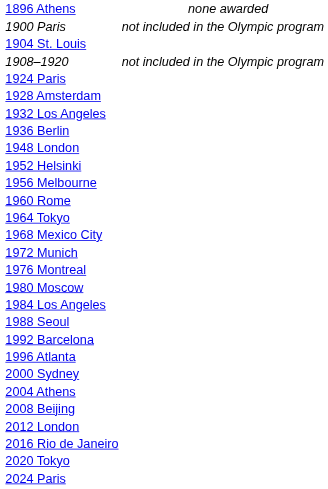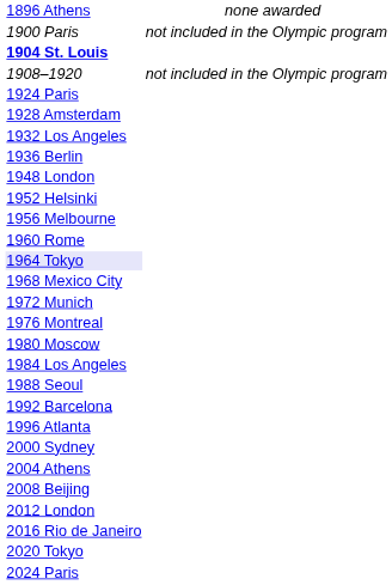 <table>
 <tr>
 <td><a href='#'>1896 Athens</a><br></td>
 <td></td>
 <td></td>
 <td align="center"><em>none awarded</em></td>
 </tr>
 <tr>
 <td><em>1900 Paris</em></td>
 <td colspan=3 align=center><em>not included in the Olympic program</em></td>
 </tr>
 <tr>
-<td><a href='#'>1904 St. Louis</a><br></td>
+<td><strong><a href='#'>1904 St. Louis</a><br></strong></td>
 <td></td>
 <td></td>
 <td></td>
 </tr>
 <tr>
 <td><em>1908–1920</em></td>
 <td colspan=3 align=center><em>not included in the Olympic program</em></td>
 </tr>
 <tr>
 <td><a href='#'>1924 Paris</a><br></td>
 <td></td>
 <td></td>
 <td></td>
 </tr>
 <tr>
 <td><a href='#'>1928 Amsterdam</a><br></td>
 <td></td>
 <td></td>
 <td></td>
 </tr>
 <tr>
 <td><a href='#'>1932 Los Angeles</a><br></td>
 <td></td>
 <td></td>
 <td></td>
 </tr>
 <tr>
 <td><a href='#'>1936 Berlin</a><br></td>
 <td></td>
 <td></td>
 <td></td>
 </tr>
 <tr valign="top">
 <td rowspan="2"><a href='#'>1948 London</a><br></td>
 <td rowspan="2"></td>
 <td rowspan="2"></td>
 <td></td>
 </tr>
 <tr>
 <td></td>
 </tr>
 <tr>
 <td><a href='#'>1952 Helsinki</a><br></td>
 <td></td>
 <td></td>
 <td></td>
 </tr>
 <tr valign="top">
 <td rowspan="2"><a href='#'>1956 Melbourne</a><br></td>
 <td rowspan="2"></td>
 <td rowspan="2"></td>
 <td></td>
 </tr>
 <tr>
 <td></td>
 </tr>
 <tr>
 <td><a href='#'>1960 Rome</a><br></td>
 <td></td>
 <td></td>
 <td></td>
 </tr>
 <tr>
-<td><a href='#'>1964 Tokyo</a><br></td>
+<td style="background: lavender;"><a href='#'>1964 Tokyo</a><br></td>
 <td></td>
 <td></td>
 <td></td>
 </tr>
 <tr>
 <td><a href='#'>1968 Mexico City</a><br></td>
 <td></td>
 <td></td>
 <td></td>
 </tr>
 <tr>
 <td><a href='#'>1972 Munich</a><br></td>
 <td></td>
 <td></td>
 <td></td>
 </tr>
 <tr>
 <td><a href='#'>1976 Montreal</a><br></td>
 <td></td>
 <td></td>
 <td></td>
 </tr>
 <tr>
 <td><a href='#'>1980 Moscow</a><br></td>
 <td></td>
 <td></td>
 <td></td>
 </tr>
 <tr>
 <td><a href='#'>1984 Los Angeles</a><br></td>
 <td></td>
 <td></td>
 <td></td>
 </tr>
 <tr>
 <td><a href='#'>1988 Seoul</a><br></td>
 <td></td>
 <td></td>
 <td></td>
 </tr>
 <tr valign="top">
 <td rowspan="3"><a href='#'>1992 Barcelona</a><br></td>
 <td rowspan="3"></td>
 <td rowspan="3"></td>
 <td></td>
 </tr>
 <tr>
 <td></td>
 </tr>
 <tr>
 <td></td>
 </tr>
 <tr>
 <td><a href='#'>1996 Atlanta</a><br></td>
 <td></td>
 <td></td>
 <td></td>
 </tr>
 <tr>
 <td><a href='#'>2000 Sydney</a><br></td>
 <td></td>
 <td></td>
 <td></td>
 </tr>
 <tr>
 <td><a href='#'>2004 Athens</a><br></td>
 <td></td>
 <td></td>
 <td></td>
 </tr>
 <tr>
 <td><a href='#'>2008 Beijing</a><br></td>
 <td></td>
 <td></td>
 <td></td>
 </tr>
 <tr>
 <td><a href='#'>2012 London</a><br></td>
 <td></td>
 <td></td>
 <td></td>
 </tr>
 <tr>
 <td><a href='#'>2016 Rio de Janeiro</a><br></td>
 <td></td>
 <td></td>
 <td></td>
 </tr>
 <tr>
 <td><a href='#'>2020 Tokyo</a><br></td>
 <td></td>
 <td></td>
 <td></td>
 </tr>
 <tr>
 <td><a href='#'>2024 Paris</a><br></td>
 <td></td>
 <td></td>
 <td></td>
 </tr>
 <tr>
 </tr>
 </table>
